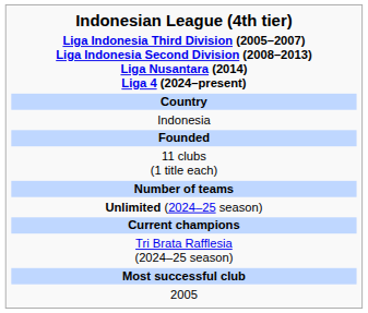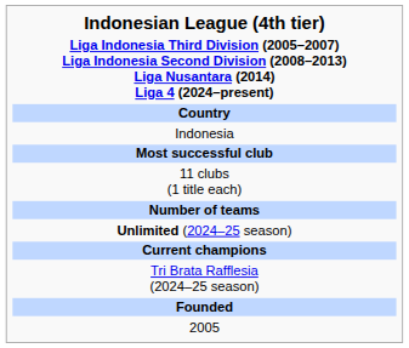 <table class="infobox football" style="width: 22em; text-align: center;">
 <tr>
 <th style="font-size: 16px;">Indonesian League (4th tier)</th>
 </tr>
 <tr>
 <th style="font-size: 12px;"><a href='#'>Liga Indonesia Third Division</a> (2005–2007)<br><a href='#'>Liga Indonesia Second Division</a> (2008–2013)<br><a href='#'>Liga Nusantara</a> (2014)<br><a href='#'>Liga 4</a> (2024–present)</th>
 </tr>
 <tr>
 <td style="font-size: 12px; background: #BFD7FF;"><strong>Country</strong></td>
 </tr>
 <tr>
 <td style="font-size: 12px;">Indonesia<br></td>
 </tr>
 <tr>
-<td style="font-size: 12px; background: #BFD7FF;"><strong>Founded</strong></td>
+<td style="font-size: 12px; background: #BFD7FF;"><strong>Most successful club</strong></td>
 </tr>
 <tr>
 <td style="font-size: 12px;">11 clubs<br>(1 title each)</td>
 </tr>
 <tr>
 <td style="font-size: 12px; background: #BFD7FF;"><strong>Number of teams</strong></td>
 </tr>
 <tr>
 <td style="font-size: 12px;"><strong>Unlimited</strong> (<a href='#'>2024–25</a> season)</td>
 </tr>
 <tr>
 <td style="font-size: 12px; background: #BFD7FF;"><strong>Current champions</strong></td>
 </tr>
 <tr>
 <td style="font-size: 12px;"><a href='#'>Tri Brata Rafflesia</a><br>(2024–25 season)</td>
 </tr>
 <tr>
-<td style="font-size: 12px; background: #BFD7FF;"><strong>Most successful club</strong></td>
+<td style="font-size: 12px; background: #BFD7FF;"><strong>Founded</strong></td>
 </tr>
 <tr>
 <td style="font-size: 12px;">2005</td>
 </tr>
 </table>
